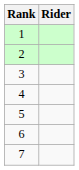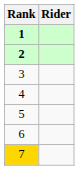 <table class="wikitable" style="font-size:95%" style="width:25em;">
 <tr>
 <th>Rank</th>
 <th>Rider</th>
 </tr>
 <tr bgcolor=ccffcc>
-<td align=center>1</td>
+<td align=center><strong>1</strong></td>
 <td></td>
 </tr>
 <tr bgcolor=ccffcc>
-<td align=center>2</td>
+<td align=center><strong>2</strong></td>
 <td></td>
 </tr>
 <tr>
 <td align=center>3</td>
 <td></td>
 </tr>
 <tr>
 <td align=center>4</td>
 <td></td>
 </tr>
 <tr>
 <td align=center>5</td>
 <td></td>
 </tr>
 <tr>
 <td align=center>6</td>
 <td></td>
 </tr>
 <tr>
-<td align=center>7</td>
+<td align=center style="background: gold;">7</td>
 <td></td>
 </tr>
 </table>
